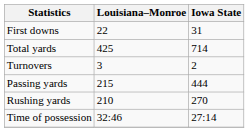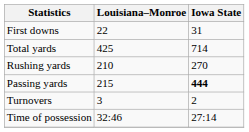 <table class="wikitable" style="float: right;">
 <tr>
 <th>Statistics</th>
 <th>Louisiana–Monroe</th>
 <th>Iowa State</th>
 </tr>
 <tr>
 <td>First downs</td>
 <td>22</td>
 <td>31</td>
 </tr>
 <tr>
 <td>Total yards</td>
 <td>425</td>
 <td>714</td>
 </tr>
 <tr>
-<td>Turnovers</td>
-<td>3</td>
-<td>2</td>
+<td>Rushing yards</td>
+<td>210</td>
+<td>270</td>
 </tr>
 <tr>
 <td>Passing yards</td>
 <td>215</td>
-<td>444</td>
+<td><strong>444</strong></td>
 </tr>
 <tr>
-<td>Rushing yards</td>
-<td>210</td>
-<td>270</td>
+<td>Turnovers</td>
+<td>3</td>
+<td>2</td>
 </tr>
 <tr>
 <td>Time of possession</td>
 <td>32:46</td>
 <td>27:14</td>
 </tr>
 <tr>
 </tr>
 </table>
